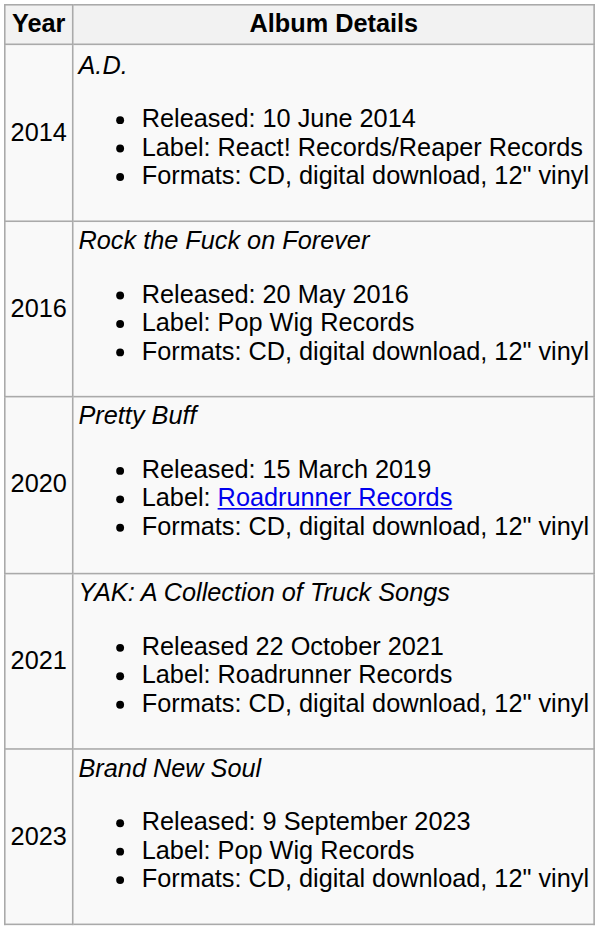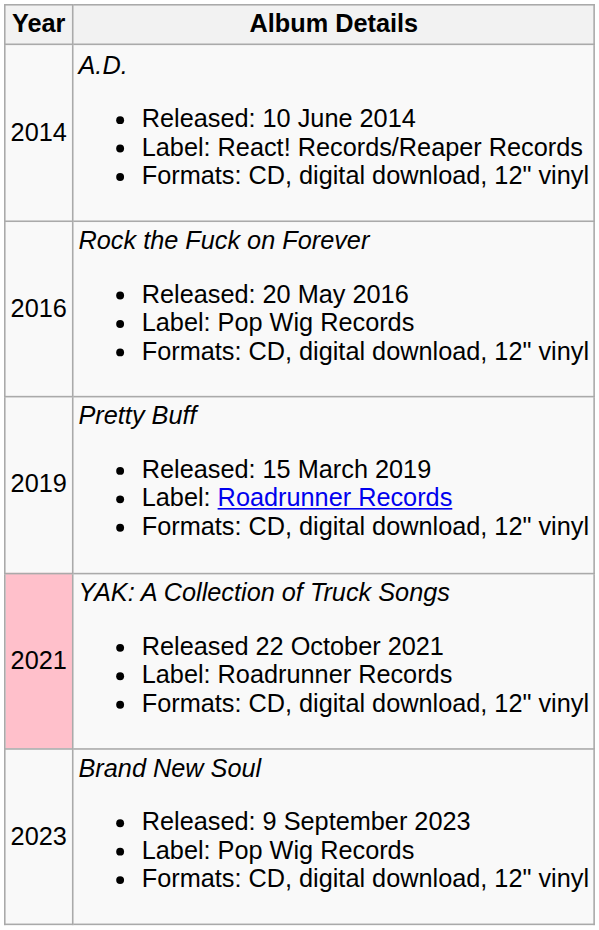 <table class="wikitable">
 <tr>
 <th>Year</th>
 <th>Album Details</th>
 </tr>
 <tr>
 <td>2014</td>
 <td><em>A.D.</em><br><ul><li>Released: 10 June 2014</li><li>Label: React! Records/Reaper Records</li><li>Formats: CD, digital download, 12" vinyl</li></ul></td>
 </tr>
 <tr>
 <td>2016</td>
 <td><em>Rock the Fuck on Forever</em><br><ul><li>Released: 20 May 2016</li><li>Label: Pop Wig Records</li><li>Formats: CD, digital download, 12" vinyl</li></ul></td>
 </tr>
 <tr>
-<td>2020</td>
+<td>2019</td>
 <td><em>Pretty Buff</em><br><ul><li>Released: 15 March 2019</li><li>Label: <a href='#'>Roadrunner Records</a></li><li>Formats: CD, digital download, 12" vinyl</li></ul></td>
 </tr>
 <tr>
-<td>2021</td>
+<td style="background: pink;">2021</td>
 <td><em>YAK: A Collection of Truck Songs</em><br><ul><li>Released 22 October 2021</li><li>Label: Roadrunner Records</li><li>Formats: CD, digital download, 12" vinyl</li></ul></td>
 </tr>
 <tr>
 <td>2023</td>
 <td><em>Brand New Soul</em><br><ul><li>Released: 9 September 2023</li><li>Label: Pop Wig Records</li><li>Formats: CD, digital download, 12" vinyl</li></ul></td>
 </tr>
 </table>
